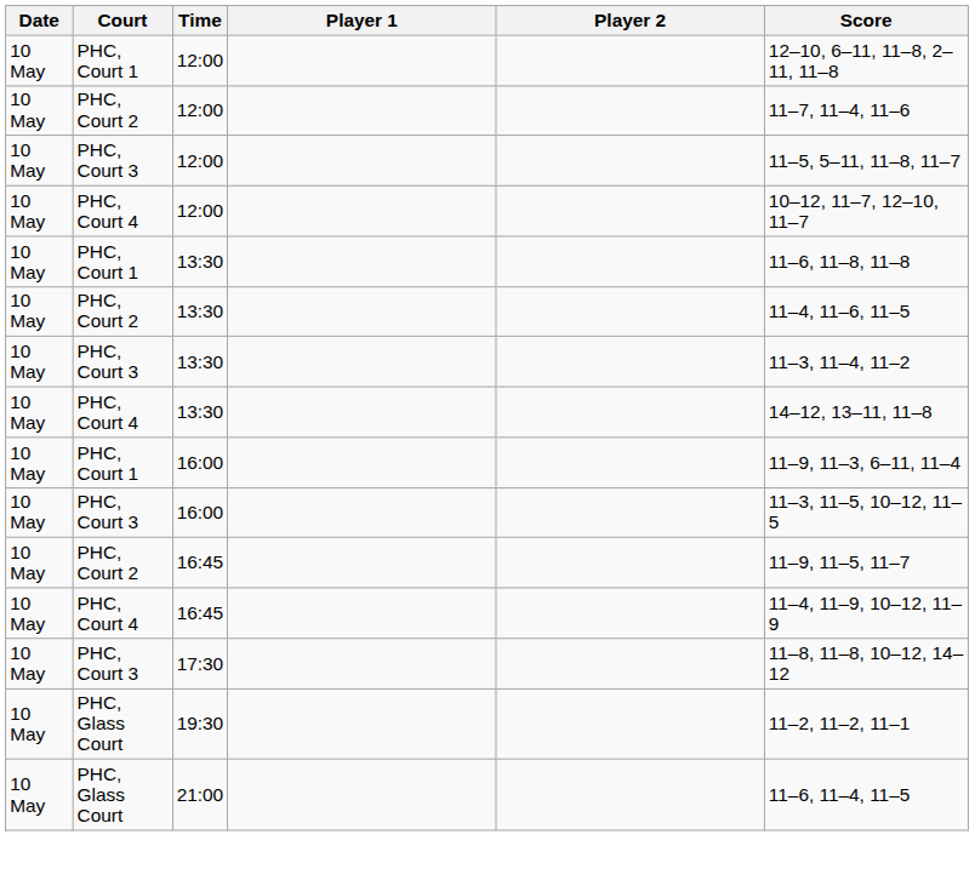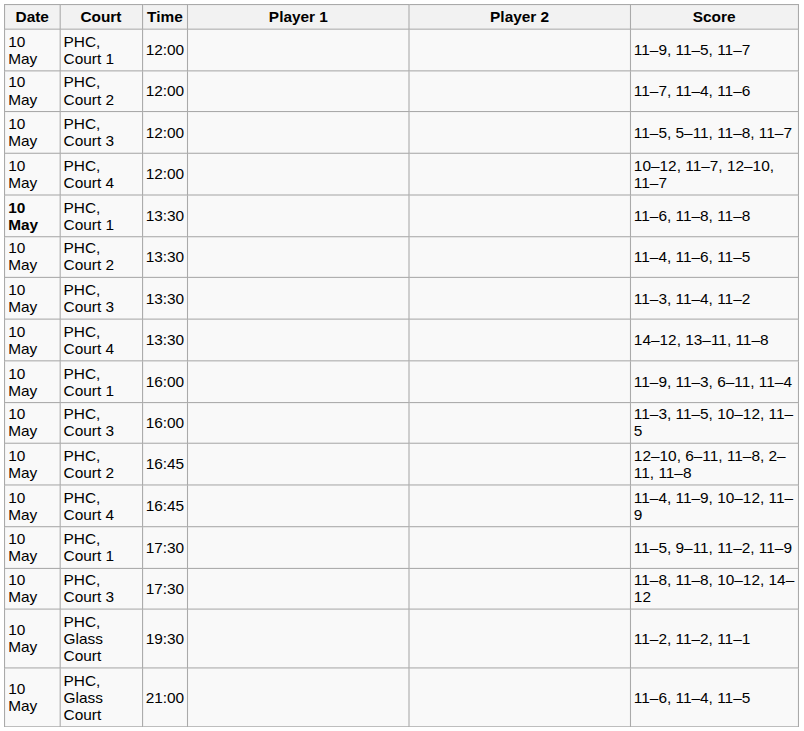 <table class="sortable wikitable" style="font-size:90%">
 <tr>
 <th width="45" class="unsortable">Date</th>
 <th width="70">Court</th>
 <th width="30">Time</th>
 <th width="200">Player 1</th>
 <th width="200">Player 2</th>
 <th width="150" class="unsortable">Score</th>
 </tr>
 <tr>
 <td>10 May</td>
 <td>PHC, Court 1</td>
 <td>12:00</td>
 <td><strong></strong></td>
 <td></td>
-<td>12–10, 6–11, 11–8, 2–11, 11–8</td>
+<td>11–9, 11–5, 11–7</td>
 </tr>
 <tr>
 <td>10 May</td>
 <td>PHC, Court 2</td>
 <td>12:00</td>
 <td></td>
 <td><strong></strong></td>
 <td>11–7, 11–4, 11–6</td>
 </tr>
 <tr>
 <td>10 May</td>
 <td>PHC, Court 3</td>
 <td>12:00</td>
 <td><strong></strong></td>
 <td></td>
 <td>11–5, 5–11, 11–8, 11–7</td>
 </tr>
 <tr>
 <td>10 May</td>
 <td>PHC, Court 4</td>
 <td>12:00</td>
 <td></td>
 <td><strong></strong></td>
 <td>10–12, 11–7, 12–10, 11–7</td>
 </tr>
 <tr>
-<td>10 May</td>
+<td><strong>10 May</strong></td>
 <td>PHC, Court 1</td>
 <td>13:30</td>
 <td><strong></strong></td>
 <td></td>
 <td>11–6, 11–8, 11–8</td>
 </tr>
 <tr>
 <td>10 May</td>
 <td>PHC, Court 2</td>
 <td>13:30</td>
 <td><strong></strong></td>
 <td></td>
 <td>11–4, 11–6, 11–5</td>
 </tr>
 <tr>
 <td>10 May</td>
 <td>PHC, Court 3</td>
 <td>13:30</td>
 <td></td>
 <td><strong></strong></td>
 <td>11–3, 11–4, 11–2</td>
 </tr>
 <tr>
 <td>10 May</td>
 <td>PHC, Court 4</td>
 <td>13:30</td>
 <td><strong></strong></td>
 <td></td>
 <td>14–12, 13–11, 11–8</td>
 </tr>
 <tr>
 <td>10 May</td>
 <td>PHC, Court 1</td>
 <td>16:00</td>
 <td></td>
 <td><strong></strong></td>
 <td>11–9, 11–3, 6–11, 11–4</td>
 </tr>
 <tr>
 <td>10 May</td>
 <td>PHC, Court 3</td>
 <td>16:00</td>
 <td><strong></strong></td>
 <td></td>
 <td>11–3, 11–5, 10–12, 11–5</td>
 </tr>
 <tr>
 <td>10 May</td>
 <td>PHC, Court 2</td>
 <td>16:45</td>
 <td></td>
 <td><strong></strong></td>
-<td>11–9, 11–5, 11–7</td>
+<td>12–10, 6–11, 11–8, 2–11, 11–8</td>
 </tr>
 <tr>
 <td>10 May</td>
 <td>PHC, Court 4</td>
 <td>16:45</td>
 <td><strong></strong></td>
 <td></td>
 <td>11–4, 11–9, 10–12, 11–9</td>
+</tr>
+<tr>
+<td>10 May</td>
+<td>PHC, Court 1</td>
+<td>17:30</td>
+<td><strong></strong></td>
+<td></td>
+<td>11–5, 9–11, 11–2, 11–9</td>
 </tr>
 <tr>
 <td>10 May</td>
 <td>PHC, Court 3</td>
 <td>17:30</td>
 <td><strong></strong></td>
 <td></td>
 <td>11–8, 11–8, 10–12, 14–12</td>
 </tr>
 <tr>
 <td>10 May</td>
 <td>PHC, Glass Court</td>
 <td>19:30</td>
 <td><strong></strong></td>
 <td></td>
 <td>11–2, 11–2, 11–1</td>
 </tr>
 <tr>
 <td>10 May</td>
 <td>PHC, Glass Court</td>
 <td>21:00</td>
 <td></td>
 <td><strong></strong></td>
 <td>11–6, 11–4, 11–5</td>
 </tr>
 </table>
